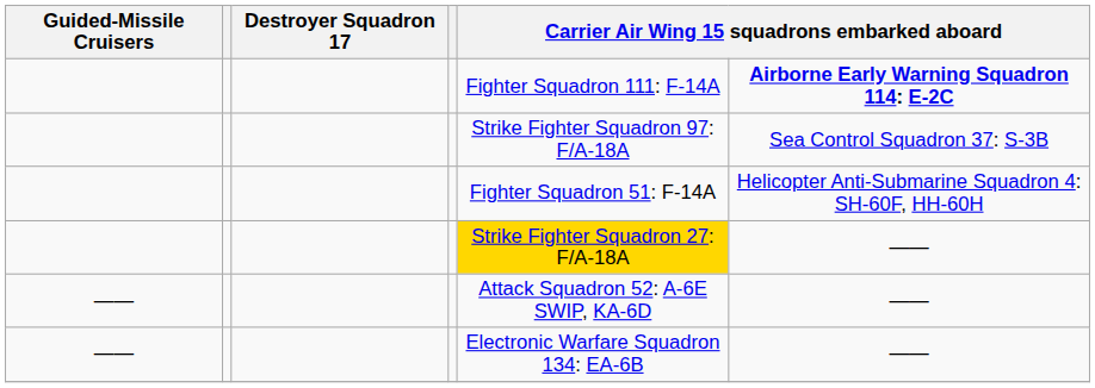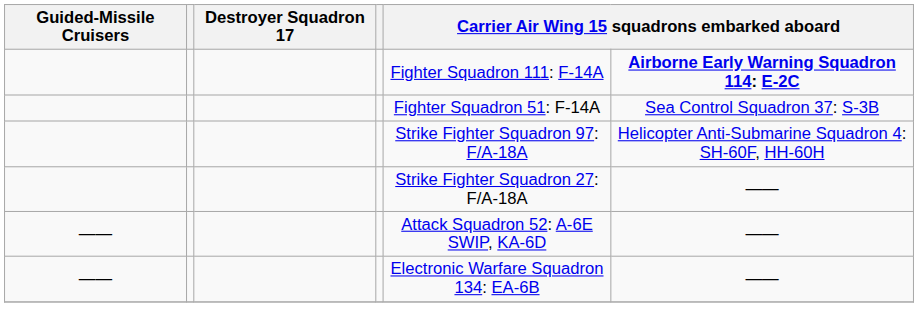 <table class="wikitable" style="text-align:center" width=99%>
 <tr>
 <th colspan="1" width="20%" align="center">Guided-Missile Cruisers</th>
 <th colspan="1" width="0%" align="center"></th>
 <th colspan="1" width="20%" align="center">Destroyer Squadron 17</th>
 <th colspan="1" width="0%" align="center"></th>
 <th colspan="2" align="center"><a href='#'>Carrier Air Wing 15</a> squadrons embarked aboard </th>
 </tr>
 <tr>
 <td></td>
 <td></td>
 <td></td>
 <td></td>
 <td><a href='#'>Fighter Squadron 111</a>:  <a href='#'>F-14A</a></td>
 <td><strong><a href='#'>Airborne Early Warning Squadron 114</a>:  <a href='#'>E-2C</a></strong></td>
 </tr>
 <tr>
 <td></td>
 <td></td>
 <td></td>
 <td></td>
-<td><a href='#'>Strike Fighter Squadron 97</a>:  <a href='#'>F/A-18A</a></td>
+<td><a href='#'>Fighter Squadron 51</a>:  F-14A</td>
 <td><a href='#'>Sea Control Squadron 37</a>: <a href='#'>S-3B</a></td>
 </tr>
 <tr>
 <td></td>
 <td></td>
 <td></td>
 <td></td>
-<td><a href='#'>Fighter Squadron 51</a>:  F-14A</td>
+<td><a href='#'>Strike Fighter Squadron 97</a>:  <a href='#'>F/A-18A</a></td>
 <td><a href='#'>Helicopter Anti-Submarine Squadron 4</a>:  <a href='#'>SH-60F</a>, <a href='#'>HH-60H</a></td>
 </tr>
 <tr>
 <td></td>
 <td></td>
 <td></td>
 <td></td>
-<td style="background: gold;"><a href='#'>Strike Fighter Squadron 27</a>:  F/A-18A</td>
+<td><a href='#'>Strike Fighter Squadron 27</a>:  F/A-18A</td>
 <td>——</td>
 </tr>
 <tr>
 <td>——</td>
 <td></td>
 <td></td>
 <td></td>
 <td><a href='#'>Attack Squadron 52</a>: <a href='#'>A-6E SWIP</a>, <a href='#'>KA-6D</a></td>
 <td>——</td>
 </tr>
 <tr>
 <td>——</td>
 <td></td>
 <td></td>
 <td></td>
 <td><a href='#'>Electronic Warfare Squadron 134</a>:  <a href='#'>EA-6B</a></td>
 <td>——</td>
 </tr>
 <tr>
 </tr>
 </table>
